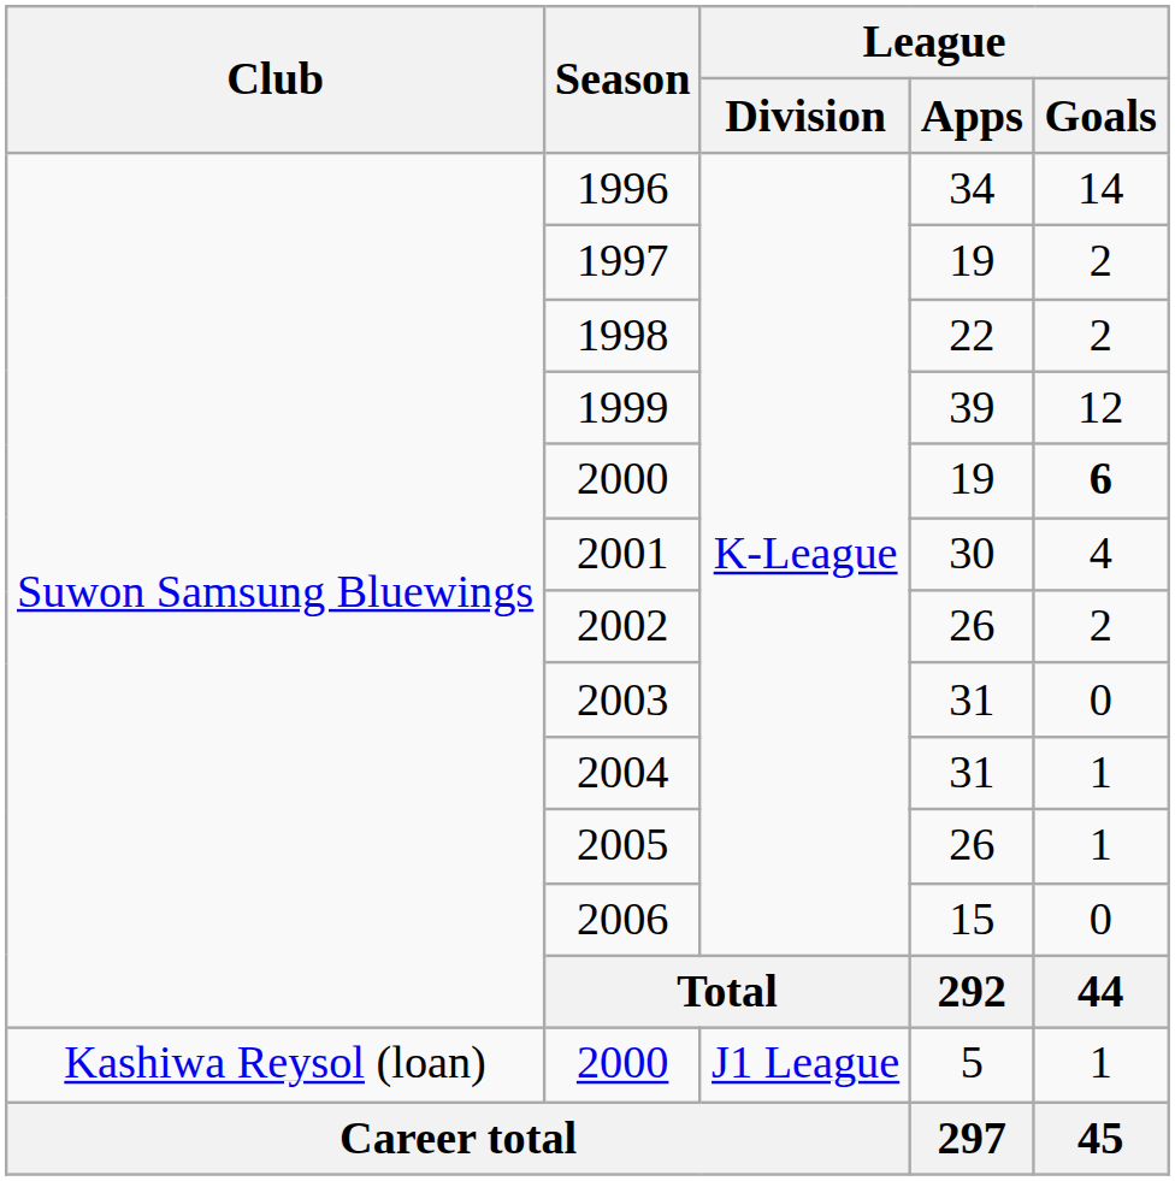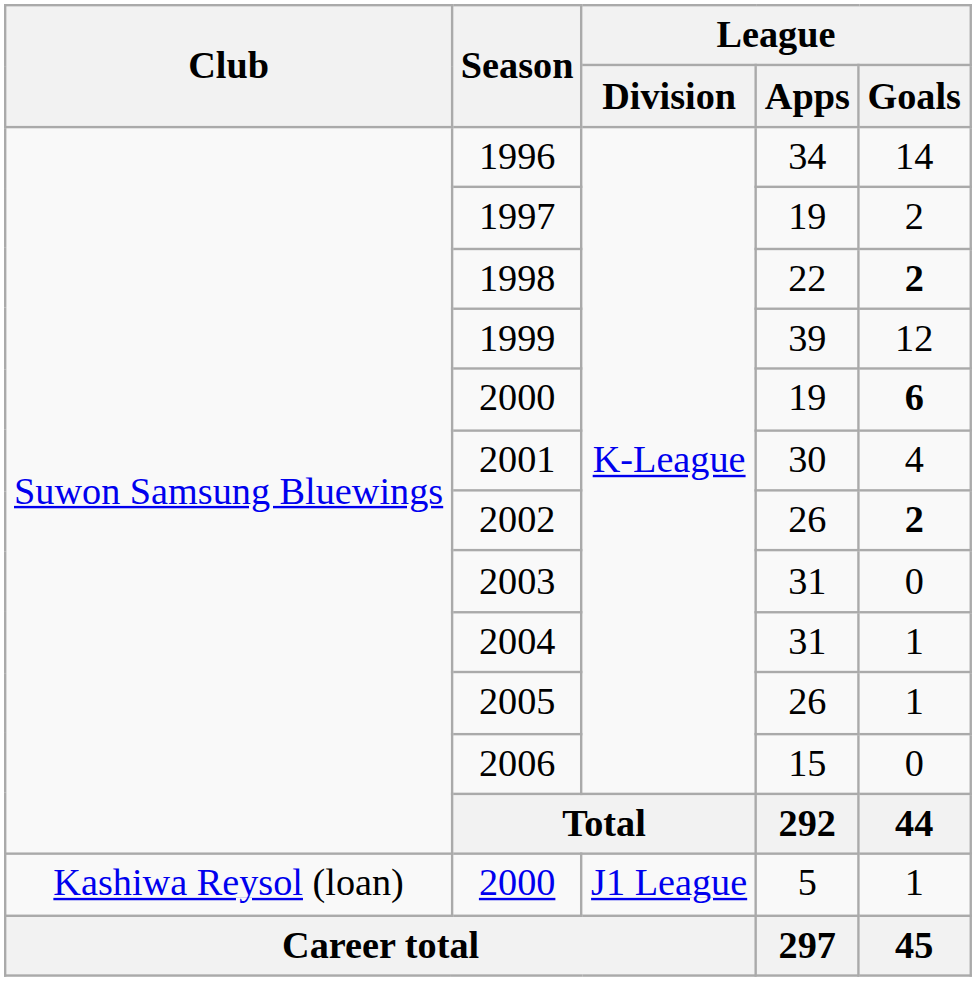 <table class="wikitable" style="text-align:center">
 <tr>
 <th rowspan="2">Club</th>
 <th rowspan="2">Season</th>
 <th colspan="3">League</th>
 </tr>
 <tr>
 <th>Division</th>
 <th>Apps</th>
 <th>Goals</th>
 </tr>
 <tr>
 <td rowspan="12"><a href='#'>Suwon Samsung Bluewings</a></td>
 <td>1996</td>
 <td rowspan="11"><a href='#'>K-League</a></td>
 <td>34</td>
 <td>14</td>
 </tr>
 <tr>
 <td>1997</td>
 <td>19</td>
 <td>2</td>
 </tr>
 <tr>
 <td>1998</td>
 <td>22</td>
-<td>2</td>
+<td><strong>2</strong></td>
 </tr>
 <tr>
 <td>1999</td>
 <td>39</td>
 <td>12</td>
 </tr>
 <tr>
 <td>2000</td>
 <td>19</td>
 <td><strong>6</strong></td>
 </tr>
 <tr>
 <td>2001</td>
 <td>30</td>
 <td>4</td>
 </tr>
 <tr>
 <td>2002</td>
 <td>26</td>
-<td>2</td>
+<td><strong>2</strong></td>
 </tr>
 <tr>
 <td>2003</td>
 <td>31</td>
 <td>0</td>
 </tr>
 <tr>
 <td>2004</td>
 <td>31</td>
 <td>1</td>
 </tr>
 <tr>
 <td>2005</td>
 <td>26</td>
 <td>1</td>
 </tr>
 <tr>
 <td>2006</td>
 <td>15</td>
 <td>0</td>
 </tr>
 <tr>
 <th colspan="2">Total</th>
 <th>292</th>
 <th>44</th>
 </tr>
 <tr>
 <td><a href='#'>Kashiwa Reysol</a> (loan)</td>
 <td><a href='#'>2000</a></td>
 <td><a href='#'>J1 League</a></td>
 <td>5</td>
 <td>1</td>
 </tr>
 <tr>
 <th colspan="3">Career total</th>
 <th>297</th>
 <th>45</th>
 </tr>
 </table>
